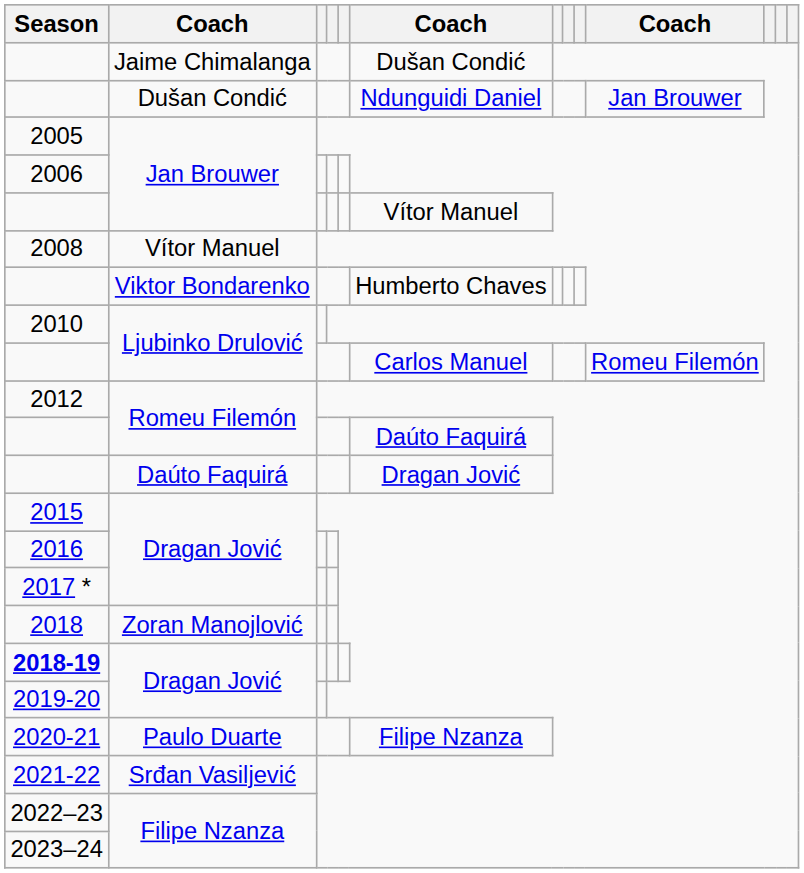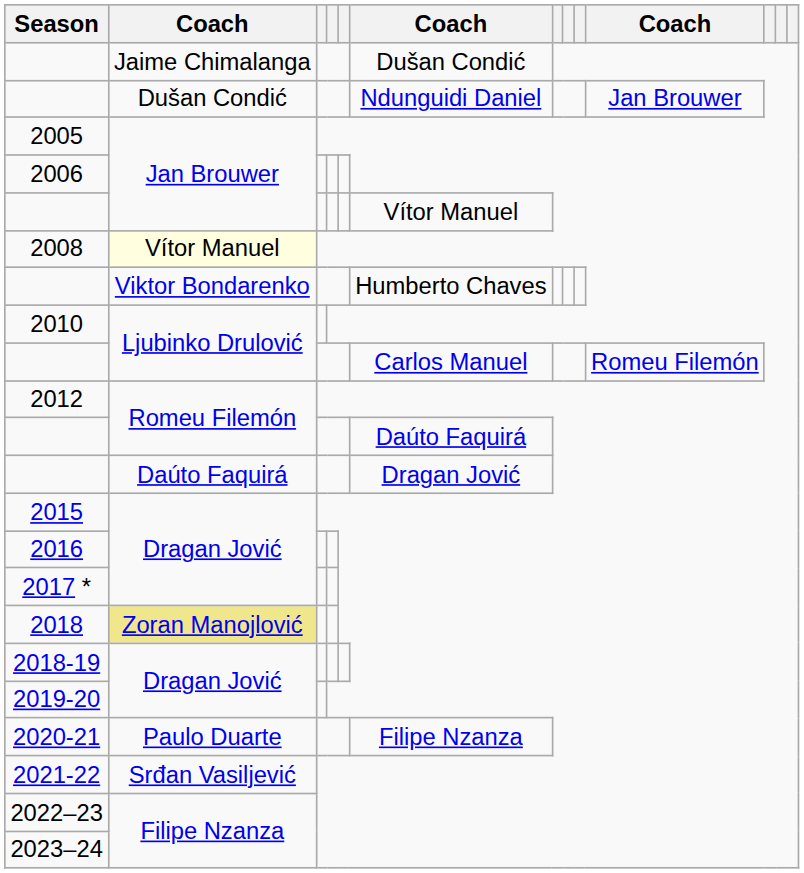 <table class="wikitable" style="text-align:center; font-size:90%">
 <tr>
 <th>Season</th>
 <th>Coach</th>
 <th></th>
 <th></th>
 <th></th>
 <th>Coach</th>
 <th></th>
 <th></th>
 <th></th>
 <th>Coach</th>
 <th></th>
 <th></th>
 <th></th>
 </tr>
 <tr>
 <td></td>
 <td> Jaime Chimalanga</td>
 <td colspan=3></td>
 <td> Dušan Condić</td>
 </tr>
 <tr>
 <td></td>
 <td> Dušan Condić</td>
 <td colspan=3></td>
 <td> <a href='#'>Ndunguidi Daniel</a></td>
 <td colspan=3></td>
 <td> <a href='#'>Jan Brouwer</a></td>
 </tr>
 <tr>
 <td>2005</td>
 <td rowspan=3> <a href='#'>Jan Brouwer</a></td>
 </tr>
 <tr>
 <td>2006</td>
 <td></td>
 <td></td>
 <td></td>
 </tr>
 <tr>
 <td></td>
 <td></td>
 <td></td>
 <td></td>
 <td> Vítor Manuel</td>
 </tr>
 <tr>
 <td>2008</td>
-<td> Vítor Manuel</td>
+<td style="background: lightyellow;"> Vítor Manuel</td>
 </tr>
 <tr>
 <td></td>
 <td> <a href='#'>Viktor Bondarenko</a></td>
 <td colspan=3></td>
 <td> Humberto Chaves</td>
 <td></td>
 <td></td>
 <td></td>
 </tr>
 <tr>
 <td>2010</td>
 <td rowspan=2> <a href='#'>Ljubinko Drulović</a></td>
 <td></td>
 </tr>
 <tr>
 <td></td>
 <td colspan=3></td>
 <td> <a href='#'>Carlos Manuel</a></td>
 <td colspan=3></td>
 <td> <a href='#'>Romeu Filemón</a></td>
 </tr>
 <tr>
 <td>2012</td>
 <td rowspan=2> <a href='#'>Romeu Filemón</a></td>
 </tr>
 <tr>
 <td></td>
 <td colspan=3></td>
 <td> <a href='#'>Daúto Faquirá</a></td>
 </tr>
 <tr>
 <td></td>
 <td> <a href='#'>Daúto Faquirá</a></td>
 <td colspan=3></td>
 <td> <a href='#'>Dragan Jović</a></td>
 </tr>
 <tr>
 <td><a href='#'>2015</a></td>
 <td rowspan=3> <a href='#'>Dragan Jović</a></td>
 </tr>
 <tr>
 <td><a href='#'>2016</a></td>
 <td></td>
 <td></td>
 </tr>
 <tr>
 <td><a href='#'>2017</a> *</td>
 <td></td>
 <td></td>
 </tr>
 <tr>
 <td><a href='#'>2018</a></td>
-<td> <a href='#'>Zoran Manojlović</a></td>
+<td style="background: khaki;"> <a href='#'>Zoran Manojlović</a></td>
 <td></td>
 <td></td>
 </tr>
 <tr>
-<td><strong><a href='#'>2018-19</a></strong></td>
+<td><a href='#'>2018-19</a></td>
 <td rowspan=2> <a href='#'>Dragan Jović</a></td>
 <td></td>
 <td></td>
 <td></td>
 </tr>
 <tr>
 <td><a href='#'>2019-20</a></td>
 <td></td>
 </tr>
 <tr>
 <td><a href='#'>2020-21</a></td>
 <td> <a href='#'>Paulo Duarte</a></td>
 <td colspan=3></td>
 <td> <a href='#'>Filipe Nzanza</a></td>
 </tr>
 <tr>
 <td><a href='#'>2021-22</a></td>
 <td> <a href='#'>Srđan Vasiljević</a></td>
 </tr>
 <tr>
 <td>2022–23</td>
 <td rowspan=2> <a href='#'>Filipe Nzanza</a></td>
 </tr>
 <tr>
 <td>2023–24</td>
 </tr>
 </table>
